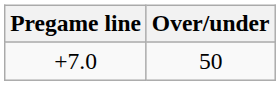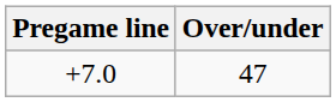 <table class="wikitable" style="margin-left: auto; margin-right: auto; border: none; display: inline-table;">
 <tr align="center">
 <th style=>Pregame line</th>
 <th style=>Over/under</th>
 </tr>
 <tr align="center">
 <td>+7.0</td>
-<td>50</td>
+<td>47</td>
 </tr>
 </table>
